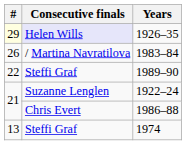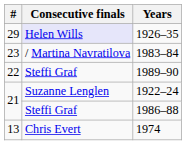 <table class=wikitable style="display:inline-table;">
 <tr>
 <th>#</th>
 <th>Consecutive finals</th>
 <th>Years</th>
 </tr>
 <tr>
-<td style="background: lightyellow;">29</td>
+<td>29</td>
 <td style="background: lavender;"> <a href='#'>Helen Wills</a></td>
 <td>1926–35</td>
 </tr>
 <tr>
-<td>26</td>
+<td>23</td>
 <td>/ <a href='#'>Martina Navratilova</a></td>
 <td>1983–84</td>
 </tr>
 <tr>
 <td>22</td>
 <td> <a href='#'>Steffi Graf</a></td>
 <td>1989–90</td>
 </tr>
 <tr>
 <td rowspan="2">21</td>
 <td> <a href='#'>Suzanne Lenglen</a></td>
 <td>1922–24</td>
 </tr>
 <tr>
-<td> <a href='#'>Chris Evert</a></td>
+<td> <a href='#'>Steffi Graf</a></td>
 <td>1986–88</td>
 </tr>
 <tr>
 <td>13</td>
-<td> <a href='#'>Steffi Graf</a></td>
+<td> <a href='#'>Chris Evert</a></td>
 <td>1974</td>
 </tr>
 </table>
